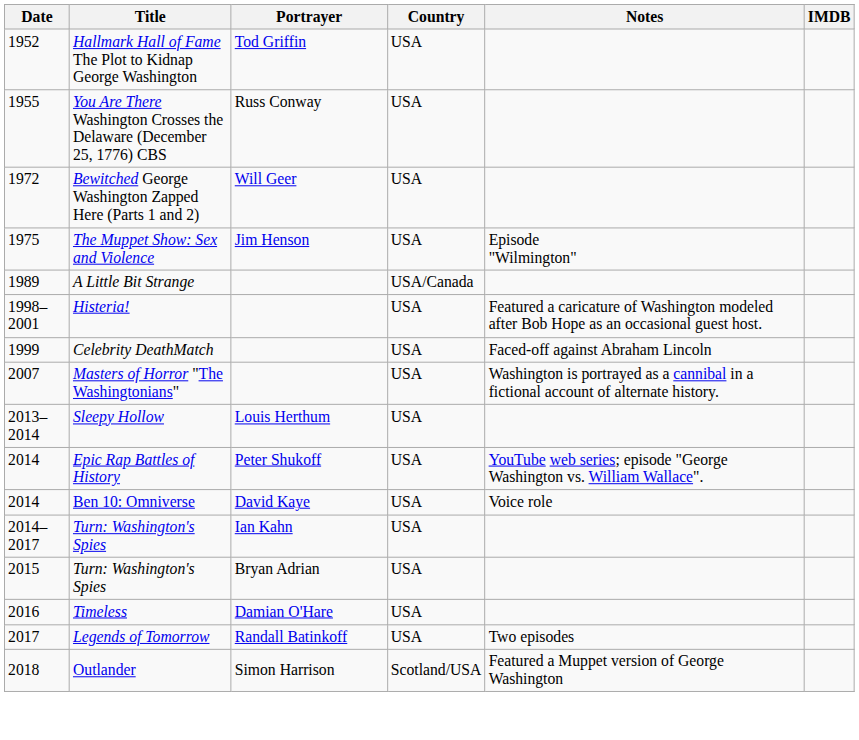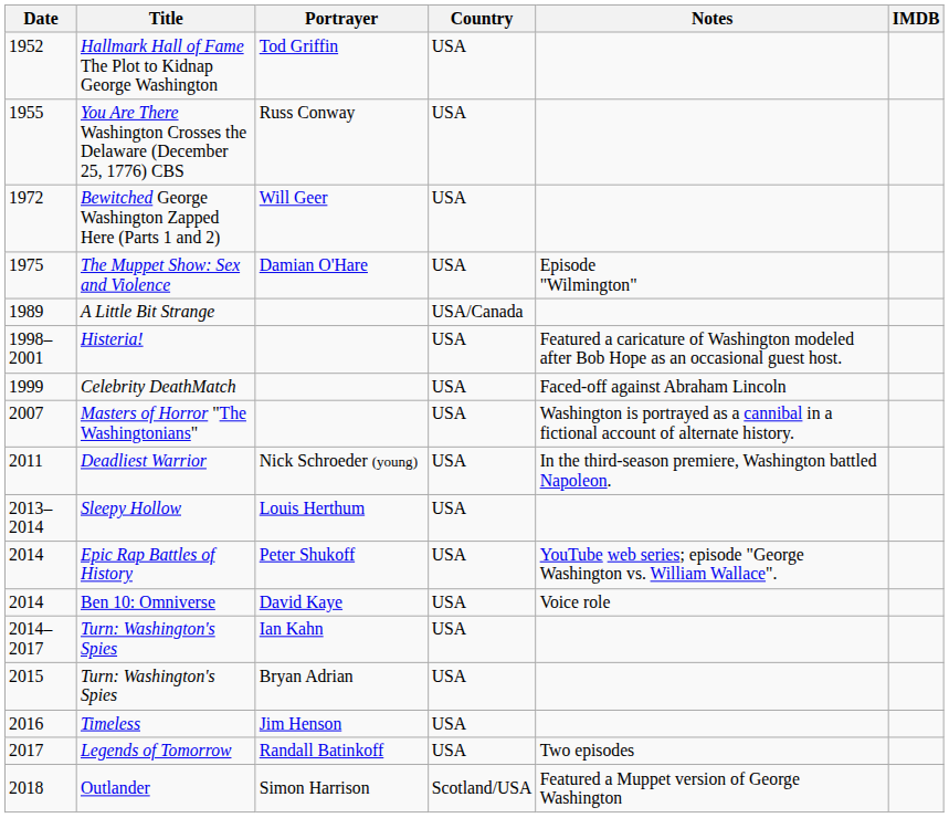 <table class="wikitable sortable">
 <tr>
 <th width="8%">Date</th>
 <th width="20%">Title</th>
 <th width="20%">Portrayer</th>
 <th width="10%">Country</th>
 <th width="53%">Notes</th>
 <th width="5%">IMDB</th>
 </tr>
 <tr valign="top">
 <td>1952</td>
 <td><em><a href='#'>Hallmark Hall of Fame</a></em> The Plot to Kidnap George Washington</td>
 <td><a href='#'>Tod Griffin</a></td>
 <td>USA</td>
 <td></td>
 <td></td>
 </tr>
 <tr valign="top">
 <td>1955</td>
 <td><em><a href='#'>You Are There</a></em> Washington Crosses the Delaware (December 25, 1776) CBS</td>
 <td>Russ Conway</td>
 <td>USA</td>
 <td></td>
 <td><br></td>
 </tr>
 <tr valign="top">
 <td>1972</td>
 <td><em><a href='#'>Bewitched</a></em> George Washington Zapped Here (Parts 1 and 2)</td>
 <td><a href='#'>Will Geer</a></td>
 <td>USA</td>
 <td></td>
 <td> </td>
 </tr>
 <tr valign="top">
 <td>1975</td>
 <td><em><a href='#'>The Muppet Show: Sex and Violence</a></em></td>
-<td><a href='#'>Jim Henson</a></td>
+<td><a href='#'>Damian O'Hare</a></td>
 <td>USA</td>
 <td>Episode<br>"Wilmington"</td>
 <td></td>
 </tr>
 <tr valign="top">
 <td>1989</td>
 <td><em>A Little Bit Strange</em></td>
 <td></td>
 <td>USA/Canada</td>
 <td></td>
 <td></td>
 </tr>
 <tr valign="top">
 <td>1998–2001</td>
 <td><em><a href='#'>Histeria!</a></em></td>
 <td></td>
 <td>USA</td>
 <td>Featured a caricature of Washington modeled after Bob Hope as an occasional guest host.</td>
 <td></td>
 </tr>
 <tr valign="top">
 <td>1999</td>
 <td><em>Celebrity DeathMatch</em></td>
 <td></td>
 <td>USA</td>
 <td>Faced-off against Abraham Lincoln</td>
 </tr>
 <tr valign="top">
 <td>2007</td>
 <td><em><a href='#'>Masters of Horror</a></em> "<a href='#'>The Washingtonians</a>"</td>
 <td></td>
 <td>USA</td>
 <td>Washington is portrayed as a <a href='#'>cannibal</a> in a fictional account of alternate history.</td>
+<td></td>
+</tr>
+<tr valign="top">
+<td>2011</td>
+<td><em><a href='#'>Deadliest Warrior</a></em></td>
+<td>Nick Schroeder <small>(young)</small></td>
+<td>USA</td>
+<td>In the third-season premiere, Washington battled <a href='#'>Napoleon</a>.</td>
 <td></td>
 </tr>
 <tr valign="top">
 <td>2013–2014</td>
 <td><em><a href='#'>Sleepy Hollow</a></em></td>
 <td><a href='#'>Louis Herthum</a></td>
 <td>USA</td>
 <td></td>
 <td></td>
 </tr>
 <tr valign="top">
 <td>2014</td>
 <td><em><a href='#'>Epic Rap Battles of History</a></em></td>
 <td><a href='#'>Peter Shukoff</a></td>
 <td>USA</td>
 <td><a href='#'>YouTube</a> <a href='#'>web series</a>; episode "George Washington vs. <a href='#'>William Wallace</a>".</td>
 <td></td>
 </tr>
 <tr>
 <td>2014</td>
 <td><a href='#'>Ben 10: Omniverse</a></td>
 <td><a href='#'>David Kaye</a></td>
 <td>USA</td>
 <td>Voice role</td>
 <td></td>
 </tr>
 <tr valign="top">
 <td>2014–2017</td>
 <td><em><a href='#'>Turn: Washington's Spies</a></em></td>
 <td><a href='#'>Ian Kahn</a></td>
 <td>USA</td>
 <td></td>
 <td></td>
 </tr>
 <tr valign="top">
 <td>2015</td>
 <td><em>Turn: Washington's Spies</em></td>
 <td>Bryan Adrian</td>
 <td>USA</td>
 <td></td>
 <td></td>
 </tr>
 <tr valign="top">
 <td>2016</td>
 <td><em><a href='#'>Timeless</a></em></td>
-<td><a href='#'>Damian O'Hare</a></td>
+<td><a href='#'>Jim Henson</a></td>
 <td>USA</td>
 <td></td>
 <td></td>
 </tr>
 <tr valign="top">
 <td>2017</td>
 <td><em><a href='#'>Legends of Tomorrow</a></em></td>
 <td><a href='#'>Randall Batinkoff</a></td>
 <td>USA</td>
 <td>Two episodes</td>
 <td></td>
 </tr>
 <tr>
 <td>2018</td>
 <td><a href='#'>Outlander</a></td>
 <td>Simon Harrison</td>
 <td>Scotland/USA</td>
 <td>Featured a Muppet version of George Washington</td>
 <td></td>
 </tr>
 </table>
